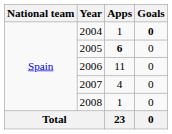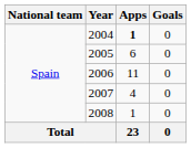 <table class="wikitable" style="text-align: center;">
 <tr>
 <th>National team</th>
 <th>Year</th>
 <th>Apps</th>
 <th>Goals</th>
 </tr>
 <tr>
 <td rowspan="5"><a href='#'>Spain</a></td>
 <td>2004</td>
-<td>1</td>
-<td><strong>0</strong></td>
+<td><strong>1</strong></td>
+<td>0</td>
 </tr>
 <tr>
 <td>2005</td>
-<td><strong>6</strong></td>
+<td>6</td>
 <td>0</td>
 </tr>
 <tr>
 <td>2006</td>
 <td>11</td>
 <td>0</td>
 </tr>
 <tr>
 <td>2007</td>
 <td>4</td>
 <td>0</td>
 </tr>
 <tr>
 <td>2008</td>
 <td>1</td>
 <td>0</td>
 </tr>
 <tr>
 <th colspan="2">Total</th>
 <th>23</th>
 <th>0</th>
 </tr>
 </table>
